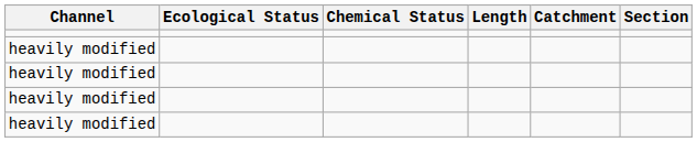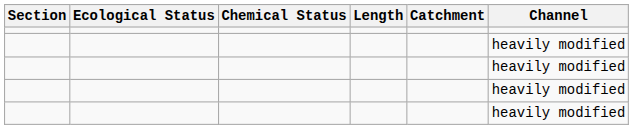 <table class="wikitable">
 <tr>
-<th>Channel</th>
+<th>Section</th>
 <th>Ecological Status</th>
 <th>Chemical Status</th>
 <th>Length</th>
 <th>Catchment</th>
-<th>Section</th>
+<th>Channel</th>
 </tr>
 <tr>
 <td></td>
 <td></td>
 <td></td>
 <td></td>
 <td></td>
 <td></td>
 </tr>
 <tr>
-<td>heavily modified</td>
 <td></td>
 <td></td>
 <td></td>
 <td></td>
 <td></td>
+<td>heavily modified</td>
 </tr>
 <tr>
-<td>heavily modified</td>
 <td></td>
 <td></td>
 <td></td>
 <td></td>
 <td></td>
+<td>heavily modified</td>
 </tr>
 <tr>
-<td>heavily modified</td>
 <td></td>
 <td></td>
 <td></td>
 <td></td>
 <td></td>
+<td>heavily modified</td>
 </tr>
 <tr>
-<td>heavily modified</td>
 <td></td>
 <td></td>
 <td></td>
 <td></td>
 <td></td>
+<td>heavily modified</td>
 </tr>
 </table>
